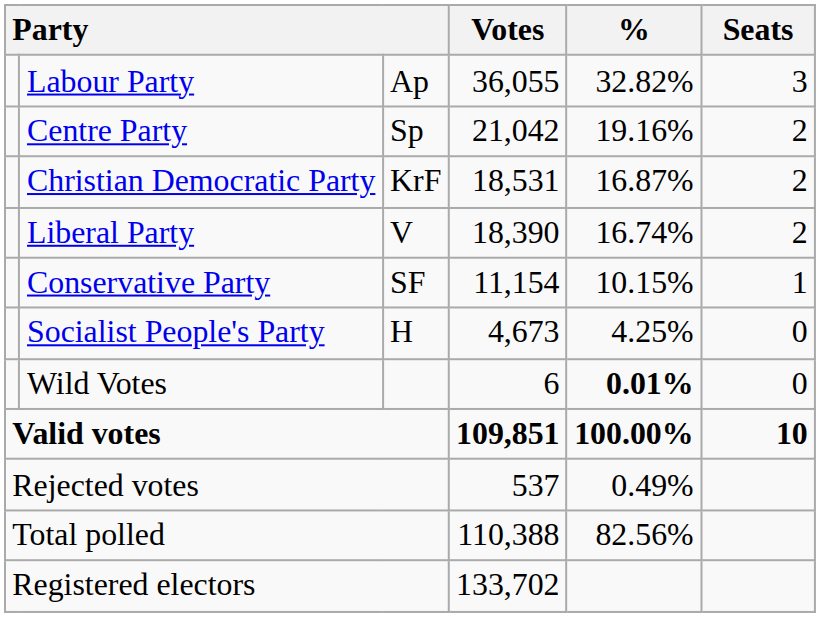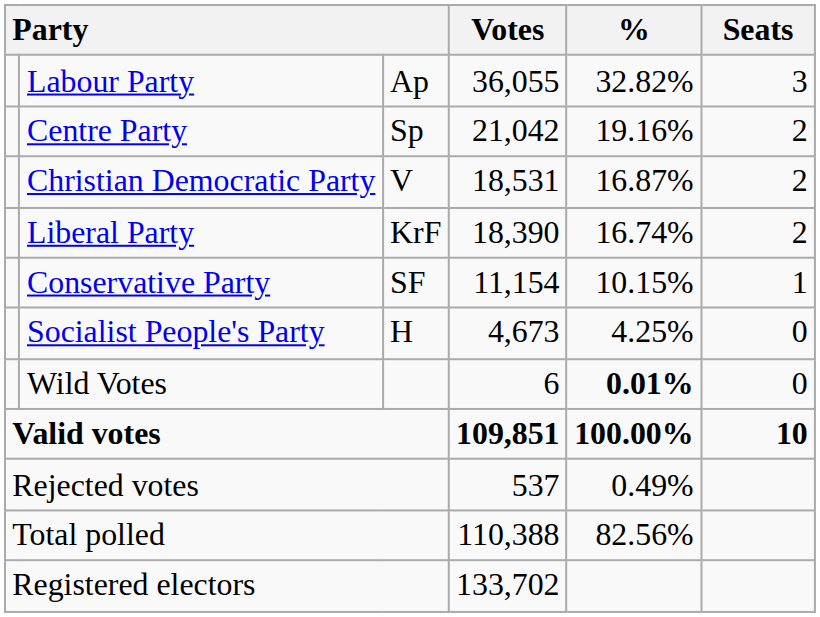 <table class="wikitable" border="1" style="text-align:right;">
 <tr>
 <th style="text-align:left;" colspan=3>Party</th>
 <th align=center width="50">Votes</th>
 <th align=center width="50">%</th>
 <th align=center width="50">Seats</th>
 </tr>
 <tr>
 <td style="color:inherit;background:"></td>
 <td align=left><a href='#'>Labour Party</a></td>
 <td align=left>Ap</td>
 <td>36,055</td>
 <td>32.82%</td>
 <td>3</td>
 </tr>
 <tr>
 <td style="color:inherit;background:"></td>
 <td align=left><a href='#'>Centre Party</a></td>
 <td align=left>Sp</td>
 <td>21,042</td>
 <td>19.16%</td>
 <td>2</td>
 </tr>
 <tr>
 <td style="color:inherit;background:"></td>
 <td align=left><a href='#'>Christian Democratic Party</a></td>
-<td align=left>KrF</td>
+<td align=left>V</td>
 <td>18,531</td>
 <td>16.87%</td>
 <td>2</td>
 </tr>
 <tr>
 <td style="color:inherit;background:"></td>
 <td align=left><a href='#'>Liberal Party</a></td>
-<td align=left>V</td>
+<td align=left>KrF</td>
 <td>18,390</td>
 <td>16.74%</td>
 <td>2</td>
 </tr>
 <tr>
 <td style="color:inherit;background:"></td>
 <td align=left><a href='#'>Conservative Party</a></td>
 <td align=left>SF</td>
 <td>11,154</td>
 <td>10.15%</td>
 <td>1</td>
 </tr>
 <tr>
 <td style="color:inherit;background:"></td>
 <td align=left><a href='#'>Socialist People's Party</a></td>
 <td align=left>H</td>
 <td>4,673</td>
 <td>4.25%</td>
 <td>0</td>
 </tr>
 <tr>
 <td></td>
 <td align=left>Wild Votes</td>
 <td align=left></td>
 <td>6</td>
 <td><strong>0.01%</strong></td>
 <td>0</td>
 </tr>
 <tr style="font-weight:bold">
 <td align=left colspan=3>Valid votes</td>
 <td>109,851</td>
 <td>100.00%</td>
 <td>10</td>
 </tr>
 <tr>
 <td align=left colspan=3>Rejected votes</td>
 <td>537</td>
 <td>0.49%</td>
 <td></td>
 </tr>
 <tr>
 <td align=left colspan=3>Total polled</td>
 <td>110,388</td>
 <td>82.56%</td>
 <td></td>
 </tr>
 <tr>
 <td align=left colspan=3>Registered electors</td>
 <td>133,702</td>
 <td></td>
 <td></td>
 </tr>
 </table>
